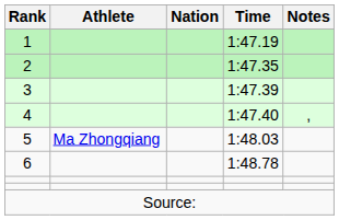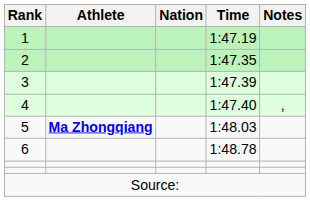 <table class="wikitable sortable" style="text-align:center;width: 55%;">
 <tr>
 <th scope="col" style="width: 10px;">Rank</th>
 <th scope="col">Athlete</th>
 <th scope="col">Nation</th>
 <th scope="col">Time</th>
 <th scope="col">Notes</th>
 </tr>
 <tr bgcolor=bbf3bb>
 <td>1</td>
 <td align=left></td>
 <td align=left></td>
 <td>1:47.19</td>
 <td></td>
 </tr>
 <tr bgcolor=bbf3bb>
 <td>2</td>
 <td align=left></td>
 <td align=left></td>
 <td>1:47.35</td>
 <td></td>
 </tr>
 <tr bgcolor=ddffdd>
 <td>3</td>
 <td align=left></td>
 <td align=left></td>
 <td>1:47.39</td>
 <td></td>
 </tr>
 <tr bgcolor=ddffdd>
 <td>4</td>
 <td align=left></td>
 <td align=left></td>
 <td>1:47.40</td>
 <td>, </td>
 </tr>
 <tr>
 <td>5</td>
-<td align=left><a href='#'>Ma Zhongqiang</a></td>
+<td align=left><strong><a href='#'>Ma Zhongqiang</a></strong></td>
 <td align=left></td>
 <td>1:48.03</td>
 <td></td>
 </tr>
 <tr>
 <td>6</td>
 <td align=left></td>
 <td align=left></td>
 <td>1:48.78</td>
 <td></td>
 </tr>
 <tr>
 <td></td>
 <td align=left></td>
 <td align=left></td>
 <td></td>
 <td></td>
 </tr>
 <tr>
 <td></td>
 <td align=left></td>
 <td align=left></td>
 <td></td>
 <td></td>
 </tr>
 <tr class="sortbottom">
 <td colspan="5">Source:</td>
 </tr>
 </table>
